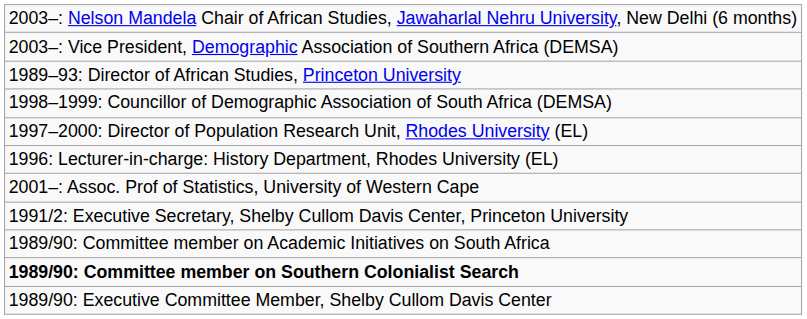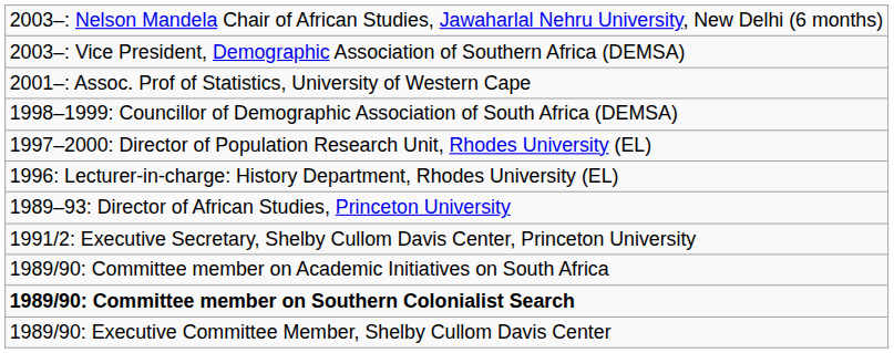 <table class="wikitable">
 <tr>
 <td>2003–: <a href='#'>Nelson Mandela</a> Chair of African Studies, <a href='#'>Jawaharlal Nehru University</a>, New Delhi (6 months)</td>
 </tr>
 <tr>
 <td>2003–: Vice President, <a href='#'>Demographic</a> Association of Southern Africa (DEMSA)</td>
 </tr>
 <tr>
-<td>1989–93: Director of African Studies, <a href='#'>Princeton University</a></td>
+<td>2001–: Assoc. Prof of Statistics, University of Western Cape</td>
 </tr>
 <tr>
 <td>1998–1999: Councillor of Demographic Association of South Africa (DEMSA)</td>
 </tr>
 <tr>
 <td>1997–2000: Director of Population Research Unit, <a href='#'>Rhodes University</a> (EL)</td>
 </tr>
 <tr>
 <td>1996: Lecturer-in-charge: History Department, Rhodes University (EL)</td>
 </tr>
 <tr>
-<td>2001–: Assoc. Prof of Statistics, University of Western Cape</td>
+<td>1989–93: Director of African Studies, <a href='#'>Princeton University</a></td>
 </tr>
 <tr>
 <td>1991/2: Executive Secretary, Shelby Cullom Davis Center, Princeton University</td>
 </tr>
 <tr>
 <td>1989/90: Committee member on Academic Initiatives on South Africa</td>
 </tr>
 <tr>
 <td><strong>1989/90: Committee member on Southern Colonialist Search</strong></td>
 </tr>
 <tr>
 <td>1989/90: Executive Committee Member, Shelby Cullom Davis Center</td>
 </tr>
 </table>
